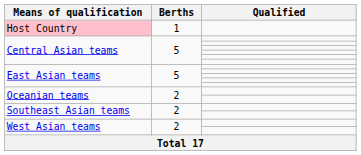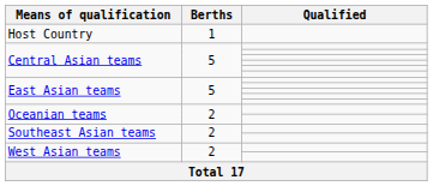 <table class="wikitable">
 <tr>
 <th style="margin:0; width:38%;">Means of qualification</th>
 <th style="margin:0; width:13%;">Berths</th>
 <th style="margin:0; width:40%;">Qualified</th>
 </tr>
 <tr>
-<td style="background: pink;">Host Country</td>
+<td>Host Country</td>
 <td style="text-align:center;">1</td>
 <td></td>
 </tr>
 <tr>
 <td rowspan=6><a href='#'>Central Asian teams</a></td>
 <td rowspan=6 style="text-align:center;">5</td>
 <td></td>
 </tr>
 <tr>
 <td></td>
 </tr>
 <tr>
 <td></td>
 </tr>
 <tr>
 <td></td>
 </tr>
 <tr>
 <td></td>
 </tr>
 <tr>
 <td><s></s></td>
 </tr>
 <tr>
 <td rowspan=5><a href='#'>East Asian teams</a></td>
 <td rowspan=5 style="text-align:center;">5</td>
 <td></td>
 </tr>
 <tr>
 <td></td>
 </tr>
 <tr>
 <td></td>
 </tr>
 <tr>
 <td></td>
 </tr>
 <tr>
 <td></td>
 </tr>
 <tr>
 <td rowspan=2><a href='#'>Oceanian teams</a></td>
 <td rowspan=2 style="text-align:center;">2</td>
 <td></td>
 </tr>
 <tr>
 <td></td>
 </tr>
 <tr>
 <td rowspan=2><a href='#'>Southeast Asian teams</a></td>
 <td rowspan=2 style="text-align:center;">2</td>
 <td></td>
 </tr>
 <tr>
 <td></td>
 </tr>
 <tr>
 <td rowspan=2><a href='#'>West Asian teams</a></td>
 <td rowspan=2 style="text-align:center;">2</td>
 <td></td>
 </tr>
 <tr>
 <td></td>
 </tr>
 <tr>
 <th colspan=4>Total 17</th>
 </tr>
 </table>
